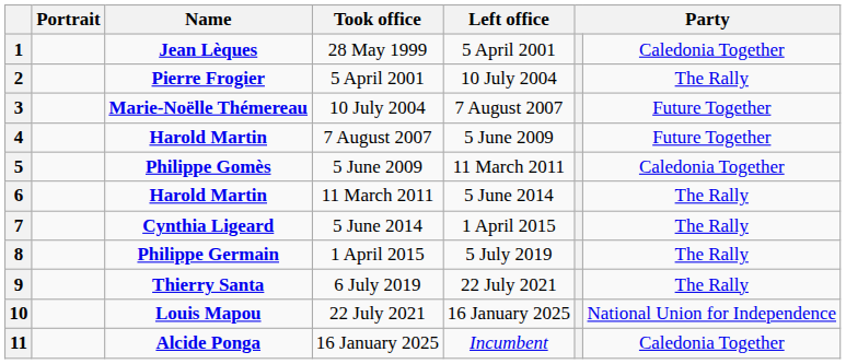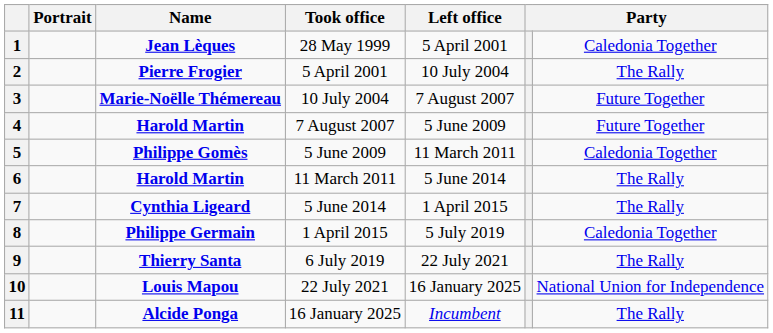 <table class="wikitable" style="text-align:center;">
 <tr>
 <th></th>
 <th>Portrait</th>
 <th>Name</th>
 <th>Took office</th>
 <th>Left office</th>
 <th colspan="2">Party</th>
 </tr>
 <tr>
 <th>1</th>
 <td></td>
 <td><strong><a href='#'>Jean Lèques</a></strong><br></td>
 <td>28 May 1999</td>
 <td>5 April 2001</td>
 <th style="background:"></th>
 <td><a href='#'>Caledonia Together</a></td>
 </tr>
 <tr>
 <th>2</th>
 <td></td>
 <td><strong><a href='#'>Pierre Frogier</a></strong><br></td>
 <td>5 April 2001</td>
 <td>10 July 2004</td>
 <th style="background:"></th>
 <td><a href='#'>The Rally</a></td>
 </tr>
 <tr>
 <th>3</th>
 <td></td>
 <td><strong><a href='#'>Marie-Noëlle Thémereau</a></strong><br></td>
 <td>10 July 2004</td>
 <td>7 August 2007</td>
 <th style="background:"></th>
 <td><a href='#'>Future Together</a></td>
 </tr>
 <tr>
 <th>4</th>
 <td></td>
 <td><strong><a href='#'>Harold Martin</a></strong><br></td>
 <td>7 August 2007</td>
 <td>5 June 2009</td>
 <th style="background:"></th>
 <td><a href='#'>Future Together</a></td>
 </tr>
 <tr>
 <th>5</th>
 <td></td>
 <td><strong><a href='#'>Philippe Gomès</a></strong><br></td>
 <td>5 June 2009</td>
 <td>11 March 2011</td>
 <th style="background:"></th>
 <td><a href='#'>Caledonia Together</a></td>
 </tr>
 <tr>
 <th>6</th>
 <td></td>
 <td><strong><a href='#'>Harold Martin</a></strong><br></td>
 <td>11 March 2011</td>
 <td>5 June 2014</td>
 <th style="background:"></th>
 <td><a href='#'>The Rally</a></td>
 </tr>
 <tr>
 <th>7</th>
 <td></td>
 <td><strong><a href='#'>Cynthia Ligeard</a></strong><br></td>
 <td>5 June 2014</td>
 <td>1 April 2015</td>
 <th style="background:"></th>
 <td><a href='#'>The Rally</a></td>
 </tr>
 <tr>
 <th>8</th>
 <td></td>
 <td><strong><a href='#'>Philippe Germain</a></strong><br></td>
 <td>1 April 2015</td>
 <td>5 July 2019</td>
 <th style="background:"></th>
-<td><a href='#'>The Rally</a></td>
+<td><a href='#'>Caledonia Together</a></td>
 </tr>
 <tr>
 <th>9</th>
 <td></td>
 <td><strong><a href='#'>Thierry Santa</a></strong><br></td>
 <td>6 July 2019</td>
 <td>22 July 2021</td>
 <th style="background:"></th>
 <td><a href='#'>The Rally</a></td>
 </tr>
 <tr>
 <th>10</th>
 <td></td>
 <td><strong><a href='#'>Louis Mapou</a></strong><br></td>
 <td>22 July 2021</td>
 <td>16 January 2025</td>
 <th style="background:"></th>
 <td><a href='#'>National Union for Independence</a></td>
 </tr>
 <tr>
 <th>11</th>
 <td></td>
 <td><strong><a href='#'>Alcide Ponga</a></strong><br></td>
 <td>16 January 2025</td>
 <td><em><a href='#'>Incumbent</a></em></td>
 <th style="background:"></th>
-<td><a href='#'>Caledonia Together</a></td>
+<td><a href='#'>The Rally</a></td>
 </tr>
 </table>
